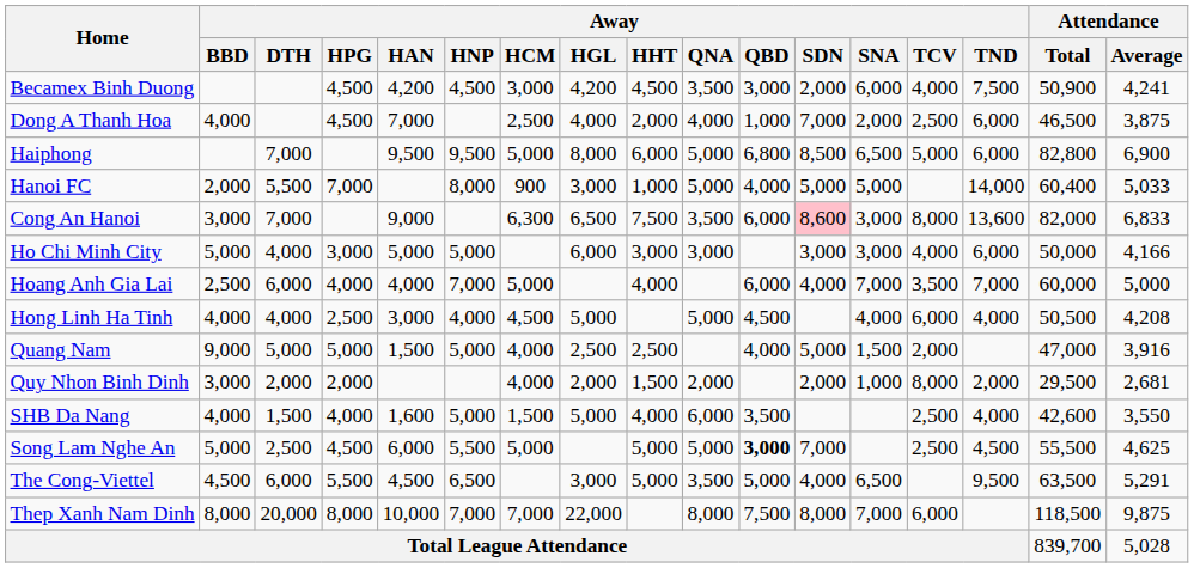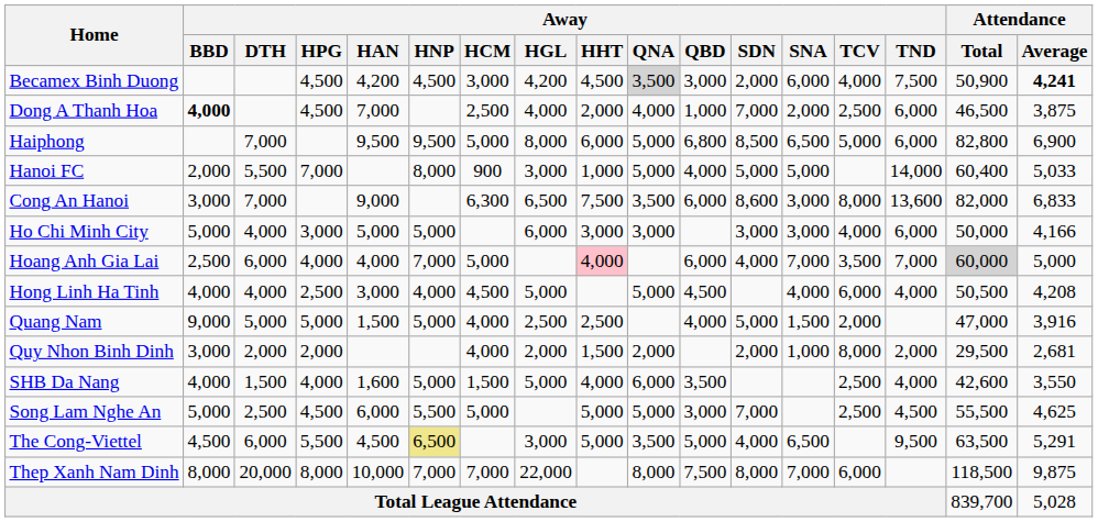 <table class="wikitable" style="text-align:center;">
 <tr>
 <th rowspan="2">Home</th>
 <th colspan="14">Away</th>
 <th colspan="2">Attendance</th>
 </tr>
 <tr>
 <th>BBD</th>
 <th>DTH</th>
 <th>HPG</th>
 <th>HAN</th>
 <th>HNP</th>
 <th>HCM</th>
 <th>HGL</th>
 <th>HHT</th>
 <th>QNA</th>
 <th>QBD</th>
 <th>SDN</th>
 <th>SNA</th>
 <th>TCV</th>
 <th>TND</th>
 <th>Total</th>
 <th>Average</th>
 </tr>
 <tr>
 <td align=left><a href='#'>Becamex Binh Duong</a></td>
 <td></td>
 <td></td>
 <td>4,500</td>
 <td>4,200</td>
 <td>4,500</td>
 <td>3,000</td>
 <td>4,200</td>
 <td>4,500</td>
-<td>3,500</td>
+<td style="background: lightgrey;">3,500</td>
 <td>3,000</td>
 <td>2,000</td>
 <td>6,000</td>
 <td>4,000</td>
 <td>7,500</td>
 <td>50,900</td>
-<td>4,241</td>
+<td><strong>4,241</strong></td>
 </tr>
 <tr>
 <td align=left><a href='#'>Dong A Thanh Hoa</a></td>
-<td>4,000</td>
+<td><strong>4,000</strong></td>
 <td></td>
 <td>4,500</td>
 <td>7,000</td>
 <td></td>
 <td>2,500</td>
 <td>4,000</td>
 <td>2,000</td>
 <td>4,000</td>
 <td>1,000</td>
 <td>7,000</td>
 <td>2,000</td>
 <td>2,500</td>
 <td>6,000</td>
 <td>46,500</td>
 <td>3,875</td>
 </tr>
 <tr>
 <td align=left><a href='#'>Haiphong</a></td>
 <td></td>
 <td>7,000</td>
 <td></td>
 <td>9,500</td>
 <td>9,500</td>
 <td>5,000</td>
 <td>8,000</td>
 <td>6,000</td>
 <td>5,000</td>
 <td>6,800</td>
 <td>8,500</td>
 <td>6,500</td>
 <td>5,000</td>
 <td>6,000</td>
 <td>82,800</td>
 <td>6,900</td>
 </tr>
 <tr>
 <td align=left><a href='#'>Hanoi FC</a></td>
 <td>2,000</td>
 <td>5,500</td>
 <td>7,000</td>
 <td></td>
 <td>8,000</td>
 <td>900</td>
 <td>3,000</td>
 <td>1,000</td>
 <td>5,000</td>
 <td>4,000</td>
 <td>5,000</td>
 <td>5,000</td>
 <td></td>
 <td>14,000</td>
 <td>60,400</td>
 <td>5,033</td>
 </tr>
 <tr>
 <td align=left><a href='#'>Cong An Hanoi</a></td>
 <td>3,000</td>
 <td>7,000</td>
 <td></td>
 <td>9,000</td>
 <td></td>
 <td>6,300</td>
 <td>6,500</td>
 <td>7,500</td>
 <td>3,500</td>
 <td>6,000</td>
-<td style="background: pink;">8,600</td>
+<td>8,600</td>
 <td>3,000</td>
 <td>8,000</td>
 <td>13,600</td>
 <td>82,000</td>
 <td>6,833</td>
 </tr>
 <tr>
 <td align=left><a href='#'>Ho Chi Minh City</a></td>
 <td>5,000</td>
 <td>4,000</td>
 <td>3,000</td>
 <td>5,000</td>
 <td>5,000</td>
 <td></td>
 <td>6,000</td>
 <td>3,000</td>
 <td>3,000</td>
 <td></td>
 <td>3,000</td>
 <td>3,000</td>
 <td>4,000</td>
 <td>6,000</td>
 <td>50,000</td>
 <td>4,166</td>
 </tr>
 <tr>
 <td align=left><a href='#'>Hoang Anh Gia Lai</a></td>
 <td>2,500</td>
 <td>6,000</td>
 <td>4,000</td>
 <td>4,000</td>
 <td>7,000</td>
 <td>5,000</td>
 <td></td>
-<td>4,000</td>
+<td style="background: pink;">4,000</td>
 <td></td>
 <td>6,000</td>
 <td>4,000</td>
 <td>7,000</td>
 <td>3,500</td>
 <td>7,000</td>
-<td>60,000</td>
+<td style="background: lightgrey;">60,000</td>
 <td>5,000</td>
 </tr>
 <tr>
 <td align=left><a href='#'>Hong Linh Ha Tinh</a></td>
 <td>4,000</td>
 <td>4,000</td>
 <td>2,500</td>
 <td>3,000</td>
 <td>4,000</td>
 <td>4,500</td>
 <td>5,000</td>
 <td></td>
 <td>5,000</td>
 <td>4,500</td>
 <td></td>
 <td>4,000</td>
 <td>6,000</td>
 <td>4,000</td>
 <td>50,500</td>
 <td>4,208</td>
 </tr>
 <tr>
 <td align=left><a href='#'>Quang Nam</a></td>
 <td>9,000</td>
 <td>5,000</td>
 <td>5,000</td>
 <td>1,500</td>
 <td>5,000</td>
 <td>4,000</td>
 <td>2,500</td>
 <td>2,500</td>
 <td></td>
 <td>4,000</td>
 <td>5,000</td>
 <td>1,500</td>
 <td>2,000</td>
 <td></td>
 <td>47,000</td>
 <td>3,916</td>
 </tr>
 <tr>
 <td align=left><a href='#'>Quy Nhon Binh Dinh</a></td>
 <td>3,000</td>
 <td>2,000</td>
 <td>2,000</td>
 <td></td>
 <td></td>
 <td>4,000</td>
 <td>2,000</td>
 <td>1,500</td>
 <td>2,000</td>
 <td></td>
 <td>2,000</td>
 <td>1,000</td>
 <td>8,000</td>
 <td>2,000</td>
 <td>29,500</td>
 <td>2,681</td>
 </tr>
 <tr>
 <td align=left><a href='#'>SHB Da Nang</a></td>
 <td>4,000</td>
 <td>1,500</td>
 <td>4,000</td>
 <td>1,600</td>
 <td>5,000</td>
 <td>1,500</td>
 <td>5,000</td>
 <td>4,000</td>
 <td>6,000</td>
 <td>3,500</td>
 <td></td>
 <td></td>
 <td>2,500</td>
 <td>4,000</td>
 <td>42,600</td>
 <td>3,550</td>
 </tr>
 <tr>
 <td align=left><a href='#'>Song Lam Nghe An</a></td>
 <td>5,000</td>
 <td>2,500</td>
 <td>4,500</td>
 <td>6,000</td>
 <td>5,500</td>
 <td>5,000</td>
 <td></td>
 <td>5,000</td>
 <td>5,000</td>
-<td><strong>3,000</strong></td>
+<td>3,000</td>
 <td>7,000</td>
 <td></td>
 <td>2,500</td>
 <td>4,500</td>
 <td>55,500</td>
 <td>4,625</td>
 </tr>
 <tr>
 <td align=left><a href='#'>The Cong-Viettel</a></td>
 <td>4,500</td>
 <td>6,000</td>
 <td>5,500</td>
 <td>4,500</td>
-<td>6,500</td>
+<td style="background: khaki;">6,500</td>
 <td></td>
 <td>3,000</td>
 <td>5,000</td>
 <td>3,500</td>
 <td>5,000</td>
 <td>4,000</td>
 <td>6,500</td>
 <td></td>
 <td>9,500</td>
 <td>63,500</td>
 <td>5,291</td>
 </tr>
 <tr>
 <td align=left><a href='#'>Thep Xanh Nam Dinh</a></td>
 <td>8,000</td>
 <td>20,000</td>
 <td>8,000</td>
 <td>10,000</td>
 <td>7,000</td>
 <td>7,000</td>
 <td>22,000</td>
 <td></td>
 <td>8,000</td>
 <td>7,500</td>
 <td>8,000</td>
 <td>7,000</td>
 <td>6,000</td>
 <td></td>
 <td>118,500</td>
 <td>9,875</td>
 </tr>
 <tr>
 <th colspan="15">Total League Attendance</th>
 <td>839,700</td>
 <td>5,028</td>
 </tr>
 </table>
